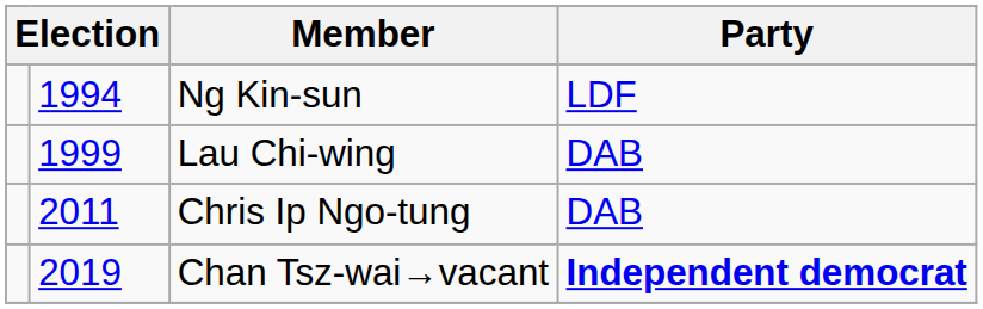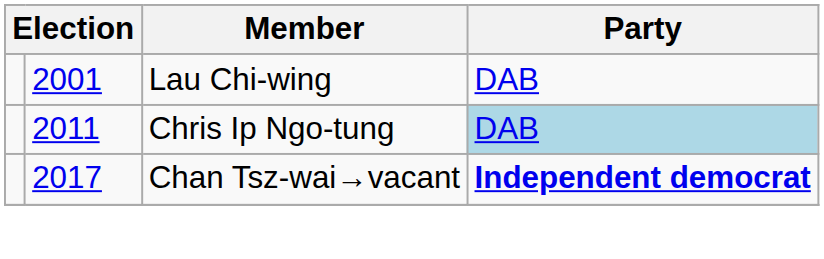 <table class="wikitable">
 <tr>
 <th colspan="2">Election</th>
 <th>Member</th>
 <th>Party</th>
 </tr>
 <tr>
 <td style="background-color: "></td>
-<td><a href='#'>1994</a></td>
-<td>Ng Kin-sun</td>
-<td><a href='#'>LDF</a></td>
-</tr>
-<tr>
-<td style="background-color: "></td>
-<td><a href='#'>1999</a></td>
+<td><a href='#'>2001</a></td>
 <td>Lau Chi-wing</td>
 <td><a href='#'>DAB</a></td>
 </tr>
 <tr>
 <td style="background-color: "></td>
 <td><a href='#'>2011</a></td>
 <td>Chris Ip Ngo-tung</td>
-<td><a href='#'>DAB</a></td>
+<td style="background: lightblue;"><a href='#'>DAB</a></td>
 </tr>
 <tr>
 <td style="background-color: "></td>
-<td><a href='#'>2019</a></td>
+<td><a href='#'>2017</a></td>
 <td>Chan Tsz-wai→vacant</td>
 <td><strong><a href='#'>Independent democrat</a></strong></td>
 </tr>
 <tr>
 </tr>
 </table>
